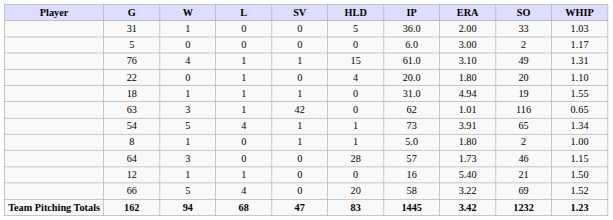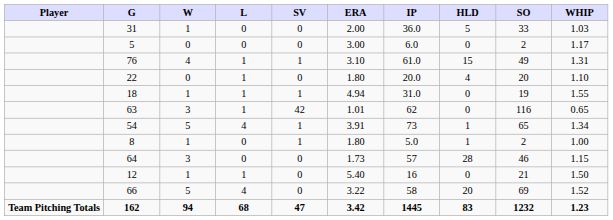 <table class="wikitable sortable">
 <tr>
 <th style="background:#ddf; width:16%;">Player</th>
 <th style="background:#ddf; width:9%;">G</th>
 <th style="background:#ddf; width:9%;">W</th>
 <th style="background:#ddf; width:9%;">L</th>
 <th style="background:#ddf; width:9%;">SV</th>
+<th style="background:#ddf; width:9%;">ERA</th>
+<th style="background:#ddf; width:9%;">IP</th>
 <th style="background:#ddf; width:9%;">HLD</th>
-<th style="background:#ddf; width:9%;">IP</th>
-<th style="background:#ddf; width:9%;">ERA</th>
 <th style="background:#ddf; width:9%;">SO</th>
 <th style="background:#ddf; width:9%;">WHIP</th>
 </tr>
 <tr style="text-align:center;">
 <td></td>
 <td>31</td>
 <td>1</td>
 <td>0</td>
 <td>0</td>
+<td>2.00</td>
+<td>36.0</td>
 <td>5</td>
-<td>36.0</td>
-<td>2.00</td>
 <td>33</td>
 <td>1.03</td>
 </tr>
 <tr style="text-align:center;">
 <td></td>
 <td>5</td>
 <td>0</td>
 <td>0</td>
 <td>0</td>
+<td>3.00</td>
+<td>6.0</td>
 <td>0</td>
-<td>6.0</td>
-<td>3.00</td>
 <td>2</td>
 <td>1.17</td>
 </tr>
 <tr style="text-align:center;">
 <td></td>
 <td>76</td>
 <td>4</td>
 <td>1</td>
 <td>1</td>
+<td>3.10</td>
+<td>61.0</td>
 <td>15</td>
-<td>61.0</td>
-<td>3.10</td>
 <td>49</td>
 <td>1.31</td>
 </tr>
 <tr style="text-align:center;">
 <td></td>
 <td>22</td>
 <td>0</td>
 <td>1</td>
 <td>0</td>
+<td>1.80</td>
+<td>20.0</td>
 <td>4</td>
-<td>20.0</td>
-<td>1.80</td>
 <td>20</td>
 <td>1.10</td>
 </tr>
 <tr style="text-align:center;">
 <td></td>
 <td>18</td>
 <td>1</td>
 <td>1</td>
 <td>1</td>
+<td>4.94</td>
+<td>31.0</td>
 <td>0</td>
-<td>31.0</td>
-<td>4.94</td>
 <td>19</td>
 <td>1.55</td>
 </tr>
 <tr style="text-align:center;">
 <td></td>
 <td>63</td>
 <td>3</td>
 <td>1</td>
 <td>42</td>
+<td>1.01</td>
+<td>62</td>
 <td>0</td>
-<td>62</td>
-<td>1.01</td>
 <td>116</td>
 <td>0.65</td>
 </tr>
 <tr style="text-align:center;">
 <td></td>
 <td>54</td>
 <td>5</td>
 <td>4</td>
 <td>1</td>
+<td>3.91</td>
+<td>73</td>
 <td>1</td>
-<td>73</td>
-<td>3.91</td>
 <td>65</td>
 <td>1.34</td>
 </tr>
 <tr style="text-align:center;">
 <td></td>
 <td>8</td>
 <td>1</td>
 <td>0</td>
 <td>1</td>
+<td>1.80</td>
+<td>5.0</td>
 <td>1</td>
-<td>5.0</td>
-<td>1.80</td>
 <td>2</td>
 <td>1.00</td>
 </tr>
 <tr style="text-align:center;">
 <td></td>
 <td>64</td>
 <td>3</td>
 <td>0</td>
 <td>0</td>
+<td>1.73</td>
+<td>57</td>
 <td>28</td>
-<td>57</td>
-<td>1.73</td>
 <td>46</td>
 <td>1.15</td>
 </tr>
 <tr style="text-align:center;">
 <td></td>
 <td>12</td>
 <td>1</td>
 <td>1</td>
 <td>0</td>
+<td>5.40</td>
+<td>16</td>
 <td>0</td>
-<td>16</td>
-<td>5.40</td>
 <td>21</td>
 <td>1.50</td>
 </tr>
 <tr style="text-align:center;">
 <td></td>
 <td>66</td>
 <td>5</td>
 <td>4</td>
 <td>0</td>
+<td>3.22</td>
+<td>58</td>
 <td>20</td>
-<td>58</td>
-<td>3.22</td>
 <td>69</td>
 <td>1.52</td>
 </tr>
 <tr style="text-align:center;'">
 <td><strong>Team Pitching Totals</strong></td>
 <td><strong>162</strong></td>
 <td><strong>94</strong></td>
 <td><strong>68</strong></td>
 <td><strong>47</strong></td>
+<td><strong>3.42</strong></td>
+<td><strong>1445</strong></td>
 <td><strong>83</strong></td>
-<td><strong>1445</strong></td>
-<td><strong>3.42</strong></td>
 <td><strong>1232</strong></td>
 <td><strong>1.23</strong></td>
 </tr>
 </table>
